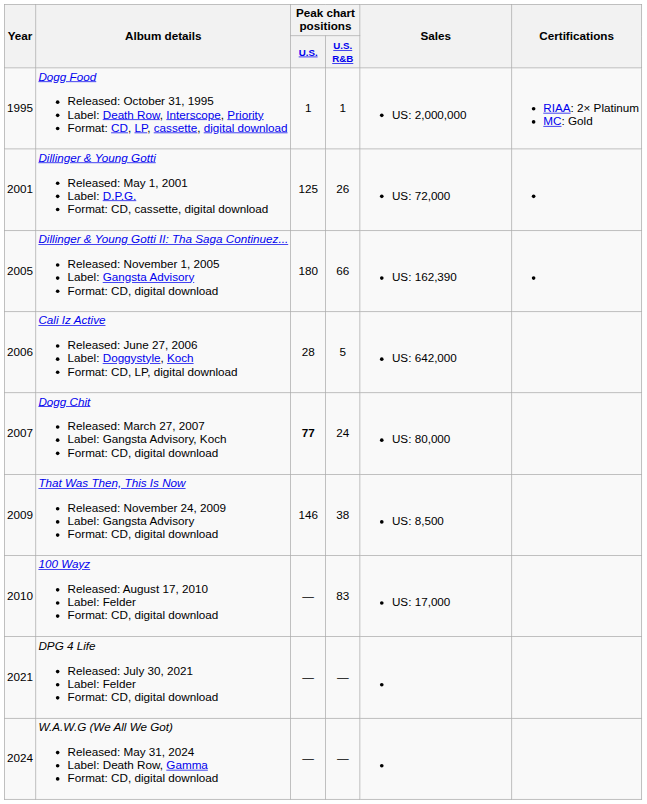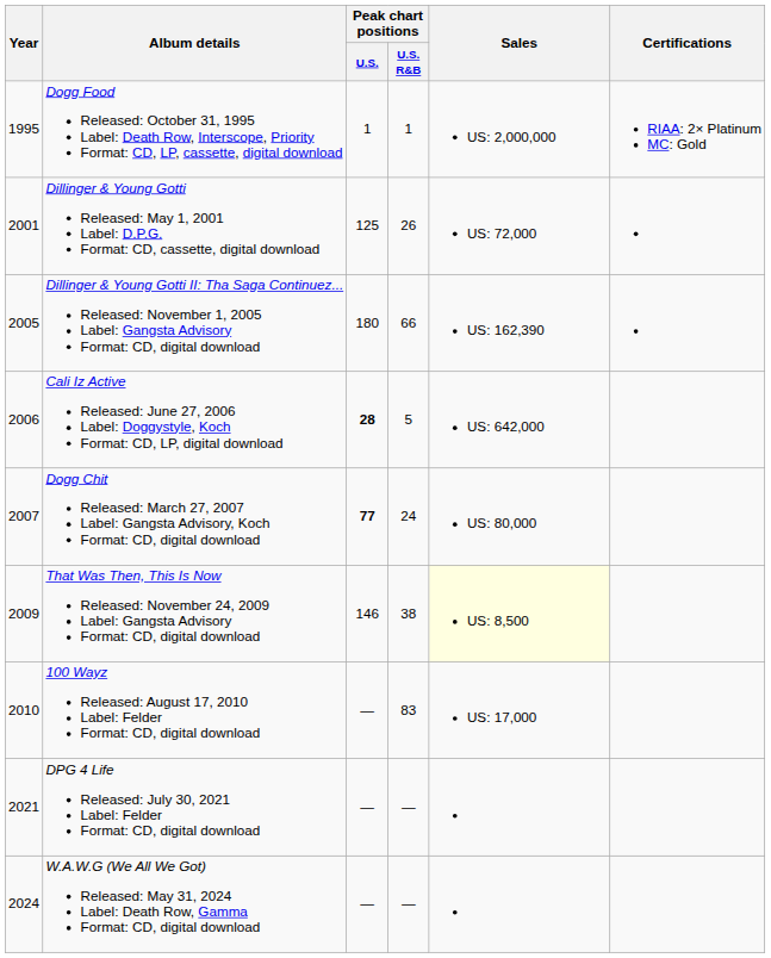 <table class="wikitable">
 <tr>
 <th rowspan="2">Year</th>
 <th rowspan="2">Album details</th>
 <th colspan="2">Peak chart positions</th>
 <th scope="col" rowspan="2" style="width:12.5em;">Sales</th>
 <th rowspan="2">Certifications</th>
 </tr>
 <tr>
 <th width=40><small><a href='#'>U.S.</a></small></th>
 <th width=40><small><a href='#'>U.S. R&B</a></small></th>
 </tr>
 <tr>
 <td>1995</td>
 <td><em><a href='#'>Dogg Food</a></em><br><ul><li>Released: October 31, 1995</li><li>Label: <a href='#'>Death Row</a>, <a href='#'>Interscope</a>, <a href='#'>Priority</a></li><li>Format: <a href='#'>CD</a>, <a href='#'>LP</a>, <a href='#'>cassette</a>, <a href='#'>digital download</a></li></ul></td>
 <td align="center">1</td>
 <td align="center">1</td>
 <td><br><ul><li>US: 2,000,000</li></ul></td>
 <td><br><ul><li><a href='#'>RIAA</a>: 2× Platinum</li><li><a href='#'>MC</a>: Gold</li></ul></td>
 </tr>
 <tr>
 <td>2001</td>
 <td><em><a href='#'>Dillinger & Young Gotti</a></em><br><ul><li>Released: May 1, 2001</li><li>Label: <a href='#'>D.P.G.</a></li><li>Format: CD, cassette, digital download</li></ul></td>
 <td align="center">125</td>
 <td align="center">26</td>
 <td><br><ul><li>US: 72,000</li></ul></td>
 <td><br><ul><li></li></ul></td>
 </tr>
 <tr>
 <td>2005</td>
 <td><em><a href='#'>Dillinger & Young Gotti II: Tha Saga Continuez...</a></em><br><ul><li>Released: November 1, 2005</li><li>Label: <a href='#'>Gangsta Advisory</a></li><li>Format: CD, digital download</li></ul></td>
 <td align="center">180</td>
 <td align="center">66</td>
 <td><br><ul><li>US: 162,390</li></ul></td>
 <td><br><ul><li></li></ul></td>
 </tr>
 <tr>
 <td>2006</td>
 <td><em><a href='#'>Cali Iz Active</a></em><br><ul><li>Released: June 27, 2006</li><li>Label: <a href='#'>Doggystyle</a>, <a href='#'>Koch</a></li><li>Format: CD, LP, digital download</li></ul></td>
-<td align="center">28</td>
+<td align="center"><strong>28</strong></td>
 <td align="center">5</td>
 <td><br><ul><li>US: 642,000</li></ul></td>
 <td></td>
 </tr>
 <tr>
 <td>2007</td>
 <td><em><a href='#'>Dogg Chit</a></em><br><ul><li>Released: March 27, 2007</li><li>Label: Gangsta Advisory, Koch</li><li>Format: CD, digital download</li></ul></td>
 <td align="center"><strong>77</strong></td>
 <td align="center">24</td>
 <td><br><ul><li>US: 80,000</li></ul></td>
 <td></td>
 </tr>
 <tr>
 <td>2009</td>
 <td><em><a href='#'>That Was Then, This Is Now</a></em><br><ul><li>Released: November 24, 2009</li><li>Label: Gangsta Advisory</li><li>Format: CD, digital download</li></ul></td>
 <td align="center">146</td>
 <td align="center">38</td>
-<td><br><ul><li>US: 8,500</li></ul></td>
+<td style="background: lightyellow;"><br><ul><li>US: 8,500</li></ul></td>
 <td></td>
 </tr>
 <tr>
 <td>2010</td>
 <td><em><a href='#'>100 Wayz</a></em><br><ul><li>Released: August 17, 2010</li><li>Label: Felder</li><li>Format: CD, digital download</li></ul></td>
 <td align="center">—</td>
 <td align="center">83</td>
 <td><br><ul><li>US: 17,000</li></ul></td>
 <td></td>
 </tr>
 <tr>
 <td>2021</td>
 <td><em>DPG 4 Life</em><br><ul><li>Released: July 30, 2021</li><li>Label: Felder</li><li>Format: CD, digital download</li></ul></td>
 <td align="center">—</td>
 <td align="center">—</td>
 <td><br><ul><li></li></ul></td>
 <td></td>
 </tr>
 <tr>
 <td>2024</td>
 <td><em>W.A.W.G (We All We Got)</em><br><ul><li>Released: May 31, 2024</li><li>Label: Death Row, <a href='#'>Gamma</a></li><li>Format: CD, digital download</li></ul></td>
 <td align="center">—</td>
 <td align="center">—</td>
 <td><br><ul><li></li></ul></td>
 <td></td>
 </tr>
 </table>
